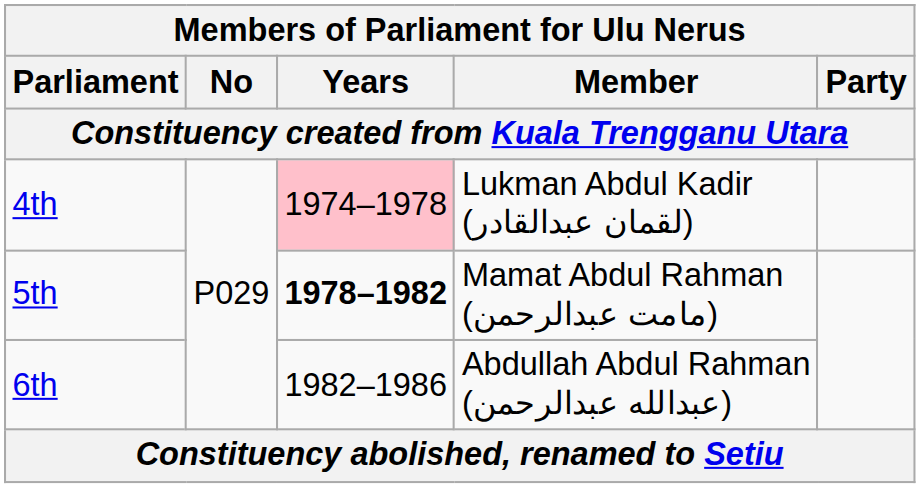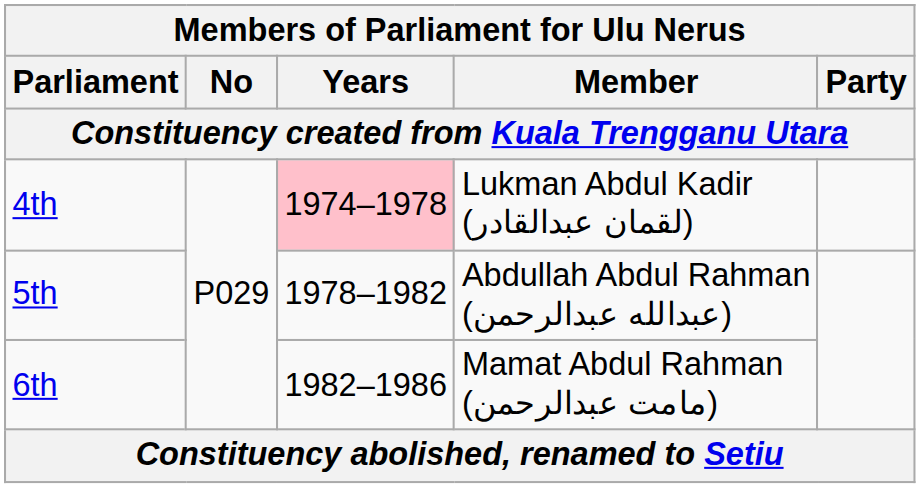 <table class=wikitable>
 <tr>
 <th colspan="5">Members of Parliament for Ulu Nerus</th>
 </tr>
 <tr>
 <th>Parliament</th>
 <th>No</th>
 <th>Years</th>
 <th>Member</th>
 <th>Party</th>
 </tr>
 <tr>
 <th colspan="5" align="center"><em>Constituency created from <a href='#'>Kuala Trengganu Utara</a></em></th>
 </tr>
 <tr>
 <td><a href='#'>4th</a></td>
 <td rowspan="3">P029</td>
 <td style="background: pink;">1974–1978</td>
 <td>Lukman Abdul Kadir  <br>(لقمان عبدالقادر)</td>
 <td></td>
 </tr>
 <tr>
 <td><a href='#'>5th</a></td>
-<td><strong>1978–1982</strong></td>
-<td>Mamat Abdul Rahman <br> (مامت عبدالرحمن)</td>
+<td>1978–1982</td>
+<td>Abdullah Abdul Rahman  <br>(عبدالله عبدالرحمن)</td>
 <td rowspan="2"></td>
 </tr>
 <tr>
 <td><a href='#'>6th</a></td>
 <td>1982–1986</td>
-<td>Abdullah Abdul Rahman  <br>(عبدالله عبدالرحمن)</td>
+<td>Mamat Abdul Rahman <br> (مامت عبدالرحمن)</td>
 </tr>
 <tr>
 <th colspan="5" align="center"><em>Constituency abolished, renamed to <a href='#'>Setiu</a></em></th>
 </tr>
 </table>
